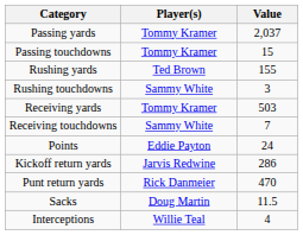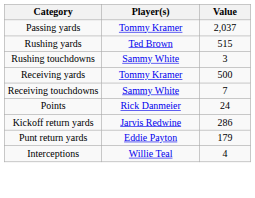 <table class="wikitable" style="text-align:center">
 <tr>
 <th width=150px>Category</th>
 <th width=150px>Player(s)</th>
 <th width=75px>Value</th>
 </tr>
 <tr>
 <td>Passing yards</td>
 <td><a href='#'>Tommy Kramer</a></td>
 <td>2,037</td>
 </tr>
 <tr>
-<td>Passing touchdowns</td>
-<td><a href='#'>Tommy Kramer</a></td>
-<td>15</td>
-</tr>
-<tr>
 <td>Rushing yards</td>
 <td><a href='#'>Ted Brown</a></td>
-<td>155</td>
+<td>515</td>
 </tr>
 <tr>
 <td>Rushing touchdowns</td>
 <td><a href='#'>Sammy White</a></td>
 <td>3</td>
 </tr>
 <tr>
 <td>Receiving yards</td>
 <td><a href='#'>Tommy Kramer</a></td>
-<td>503</td>
+<td>500</td>
 </tr>
 <tr>
 <td>Receiving touchdowns</td>
 <td><a href='#'>Sammy White</a></td>
 <td>7</td>
 </tr>
 <tr>
 <td>Points</td>
-<td><a href='#'>Eddie Payton</a></td>
+<td><a href='#'>Rick Danmeier</a></td>
 <td>24</td>
 </tr>
 <tr>
 <td>Kickoff return yards</td>
 <td><a href='#'>Jarvis Redwine</a></td>
 <td>286</td>
 </tr>
 <tr>
 <td>Punt return yards</td>
-<td><a href='#'>Rick Danmeier</a></td>
-<td>470</td>
-</tr>
-<tr>
-<td>Sacks</td>
-<td><a href='#'>Doug Martin</a></td>
-<td>11.5</td>
+<td><a href='#'>Eddie Payton</a></td>
+<td>179</td>
 </tr>
 <tr>
 <td>Interceptions</td>
 <td><a href='#'>Willie Teal</a></td>
 <td>4</td>
 </tr>
 </table>
